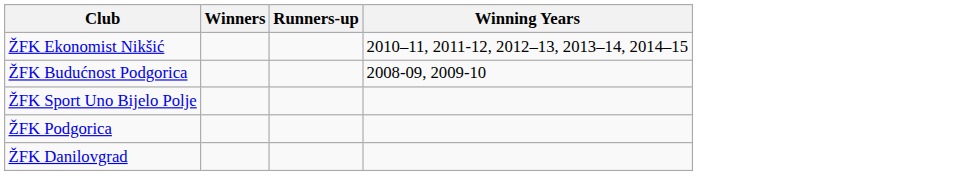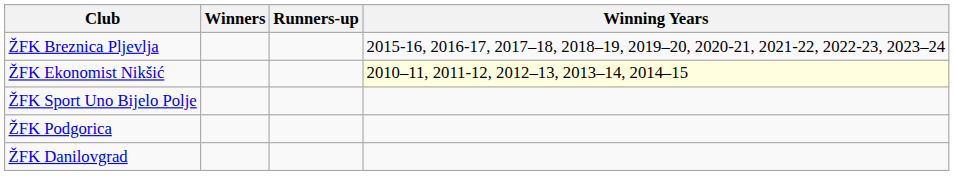 <table class="wikitable" style="font-size:90%">
 <tr>
 <th>Club</th>
 <th>Winners</th>
 <th>Runners-up</th>
 <th>Winning Years</th>
 </tr>
 <tr>
+<td><a href='#'>ŽFK Breznica Pljevlja</a></td>
+<td></td>
+<td></td>
+<td>2015-16, 2016-17, 2017–18, 2018–19, 2019–20, 2020-21, 2021-22, 2022-23, 2023–24</td>
+</tr>
+<tr>
 <td><a href='#'>ŽFK Ekonomist Nikšić</a></td>
 <td></td>
 <td></td>
-<td>2010–11, 2011-12, 2012–13, 2013–14, 2014–15</td>
-</tr>
-<tr>
-<td><a href='#'>ŽFK Budućnost Podgorica</a></td>
-<td></td>
-<td></td>
-<td>2008-09, 2009-10</td>
+<td style="background: lightyellow;">2010–11, 2011-12, 2012–13, 2013–14, 2014–15</td>
 </tr>
 <tr>
 <td><a href='#'>ŽFK Sport Uno Bijelo Polje</a></td>
 <td></td>
 <td></td>
 <td></td>
 </tr>
 <tr>
 <td><a href='#'>ŽFK Podgorica</a></td>
 <td></td>
 <td></td>
 </tr>
 <tr>
 <td><a href='#'>ŽFK Danilovgrad</a></td>
 <td></td>
 <td></td>
 <td></td>
 </tr>
 </table>
